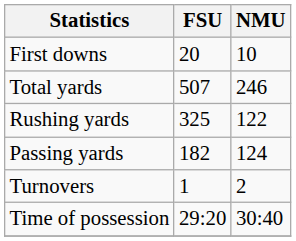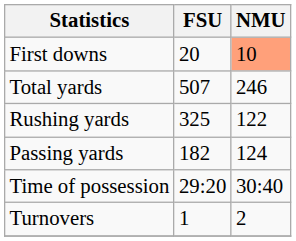 <table class="wikitable">
 <tr>
 <th>Statistics</th>
 <th>FSU</th>
 <th>NMU</th>
 </tr>
 <tr>
 <td>First downs</td>
 <td>20</td>
-<td>10</td>
+<td style="background: lightsalmon;">10</td>
 </tr>
 <tr>
 <td>Total yards</td>
 <td>507</td>
 <td>246</td>
 </tr>
 <tr>
 <td>Rushing yards</td>
 <td>325</td>
 <td>122</td>
 </tr>
 <tr>
 <td>Passing yards</td>
 <td>182</td>
 <td>124</td>
 </tr>
 <tr>
+<td>Time of possession</td>
+<td>29:20</td>
+<td>30:40</td>
+</tr>
+<tr>
 <td>Turnovers</td>
 <td>1</td>
 <td>2</td>
 </tr>
 <tr>
-<td>Time of possession</td>
-<td>29:20</td>
-<td>30:40</td>
-</tr>
-<tr>
 </tr>
 </table>
